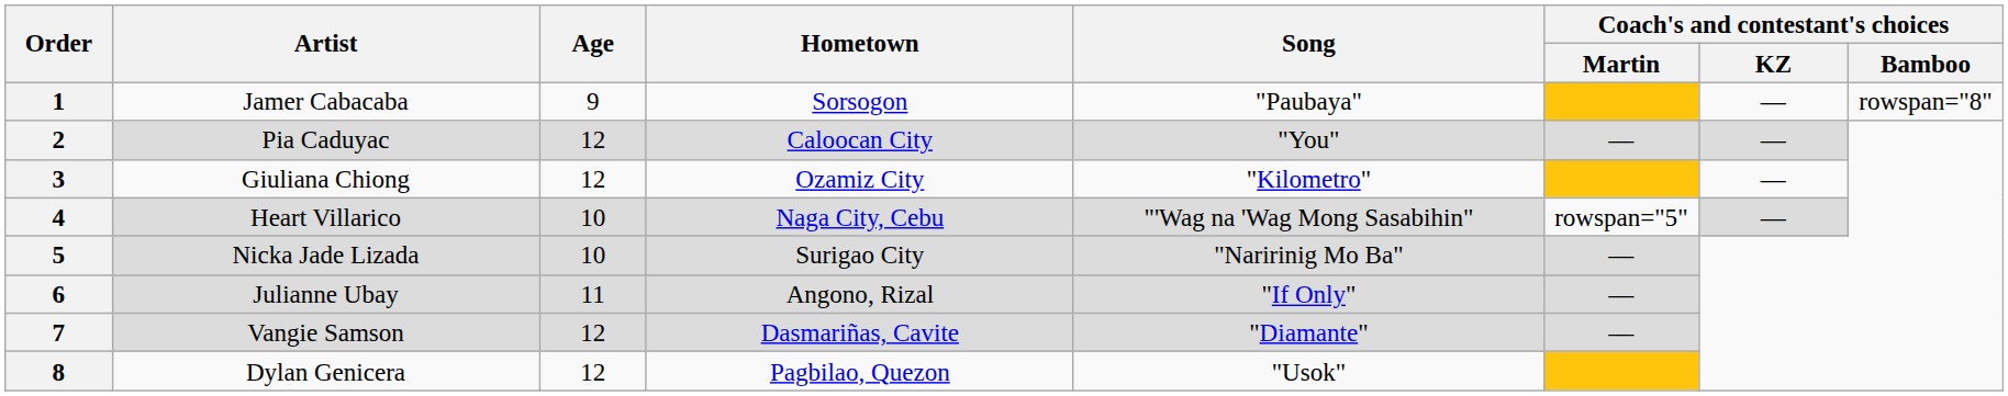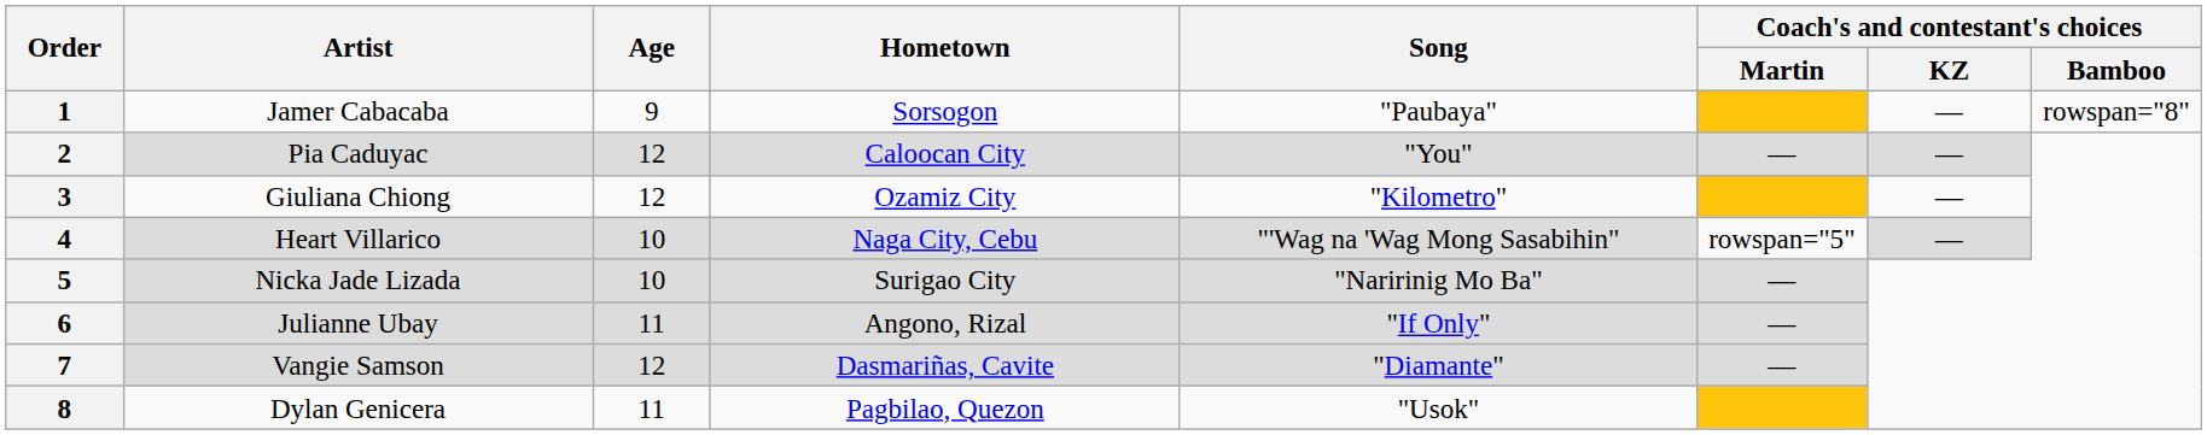 <table class="wikitable" style="text-align:center; line-height:17px; width:100%;">
 <tr>
 <th rowspan="2" scope="col" width="05%">Order</th>
 <th rowspan="2" scope="col" width="20%">Artist</th>
 <th rowspan="2" scope="col" width="05%">Age</th>
 <th rowspan="2" scope="col" width="20%">Hometown</th>
 <th rowspan="2" scope="col" width="22%">Song</th>
 <th colspan="3">Coach's and contestant's choices</th>
 </tr>
 <tr>
 <th width="07%">Martin</th>
 <th width="07%">KZ</th>
 <th width="07%">Bamboo</th>
 </tr>
 <tr>
 <th>1</th>
 <td>Jamer Cabacaba</td>
 <td>9</td>
 <td><a href='#'>Sorsogon</a></td>
 <td>"Paubaya"</td>
 <td style="background:#FFC40C;"><strong></strong></td>
 <td>—</td>
 <td>rowspan="8" </td>
 </tr>
 <tr>
 <th>2</th>
 <td style="background:#DCDCDC;">Pia Caduyac</td>
 <td style="background:#DCDCDC;">12</td>
 <td style="background:#DCDCDC;"><a href='#'>Caloocan City</a></td>
 <td style="background:#DCDCDC;">"You"</td>
 <td style="background:#DCDCDC;">—</td>
 <td style="background:#DCDCDC;">—</td>
 </tr>
 <tr>
 <th>3</th>
 <td>Giuliana Chiong</td>
 <td>12</td>
 <td><a href='#'>Ozamiz City</a></td>
 <td>"<a href='#'>Kilometro</a>"</td>
 <td style="background:#FFC40C;"><strong></strong></td>
 <td>—</td>
 </tr>
 <tr>
 <th>4</th>
 <td style="background:#DCDCDC;">Heart Villarico</td>
 <td style="background:#DCDCDC;">10</td>
 <td style="background:#DCDCDC;"><a href='#'>Naga City, Cebu</a></td>
 <td style="background:#DCDCDC;">"'Wag na 'Wag Mong Sasabihin"</td>
 <td>rowspan="5" </td>
 <td style="background:#DCDCDC;">—</td>
 </tr>
 <tr>
 <th>5</th>
 <td style="background:#DCDCDC;">Nicka Jade Lizada</td>
 <td style="background:#DCDCDC;">10</td>
 <td style="background:#DCDCDC;">Surigao City</td>
 <td style="background:#DCDCDC;">"Naririnig Mo Ba"</td>
 <td style="background:#DCDCDC;">—</td>
 </tr>
 <tr>
 <th>6</th>
 <td style="background:#DCDCDC;">Julianne Ubay</td>
 <td style="background:#DCDCDC;">11</td>
 <td style="background:#DCDCDC;">Angono, Rizal</td>
 <td style="background:#DCDCDC;">"<a href='#'>If Only</a>"</td>
 <td style="background:#DCDCDC;">—</td>
 </tr>
 <tr>
 <th>7</th>
 <td style="background:#DCDCDC;">Vangie Samson</td>
 <td style="background:#DCDCDC;">12</td>
 <td style="background:#DCDCDC;"><a href='#'>Dasmariñas, Cavite</a></td>
 <td style="background:#DCDCDC;">"<a href='#'>Diamante</a>"</td>
 <td style="background:#DCDCDC;">—</td>
 </tr>
 <tr>
 <th>8</th>
 <td>Dylan Genicera</td>
-<td>12</td>
+<td>11</td>
 <td><a href='#'>Pagbilao, Quezon</a></td>
 <td>"Usok"</td>
 <td style="background:#FFC40C;"><strong></strong></td>
 </tr>
 </table>
